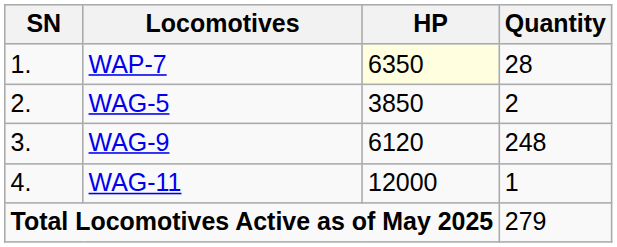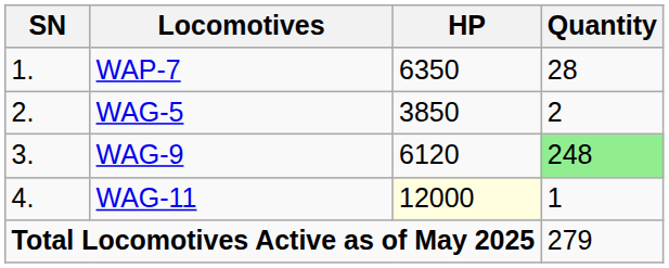 <table class="wikitable">
 <tr>
 <th>SN</th>
 <th>Locomotives</th>
 <th>HP</th>
 <th>Quantity</th>
 </tr>
 <tr>
 <td>1.</td>
 <td><a href='#'>WAP-7</a></td>
-<td style="background: lightyellow;">6350</td>
+<td>6350</td>
 <td>28</td>
 </tr>
 <tr>
 <td>2.</td>
 <td><a href='#'>WAG-5</a></td>
 <td>3850</td>
 <td>2</td>
 </tr>
 <tr>
 <td>3.</td>
 <td><a href='#'>WAG-9</a></td>
 <td>6120</td>
-<td>248</td>
+<td style="background: lightgreen;">248</td>
 </tr>
 <tr>
 <td>4.</td>
 <td><a href='#'>WAG-11</a></td>
-<td>12000</td>
+<td style="background: lightyellow;">12000</td>
 <td>1</td>
 </tr>
 <tr>
 <td colspan="3"><strong>Total Locomotives Active as of May 2025</strong></td>
 <td>279</td>
 </tr>
 </table>
